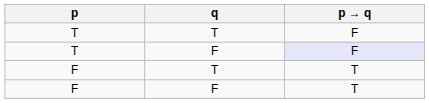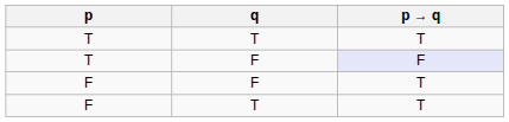 <table class="wikitable" style="margin: 0 auto; text-align:center; width:45%">
 <tr>
 <th style="width:15%">p</th>
 <th style="width:15%">q</th>
 <th style="width:15%">p → q</th>
 </tr>
 <tr>
 <td>T</td>
 <td>T</td>
-<td>F</td>
+<td>T</td>
 </tr>
 <tr>
 <td>T</td>
 <td>F</td>
 <td style="background: lavender;">F</td>
 </tr>
 <tr>
 <td>F</td>
-<td>T</td>
+<td>F</td>
 <td>T</td>
 </tr>
 <tr>
 <td>F</td>
-<td>F</td>
+<td>T</td>
 <td>T</td>
 </tr>
 </table>
